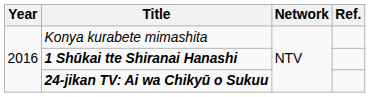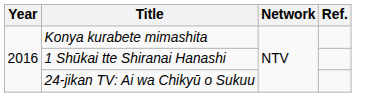 <table class="wikitable">
 <tr>
 <th>Year</th>
 <th>Title</th>
 <th>Network</th>
 <th>Ref.</th>
 </tr>
 <tr>
 <td rowspan="3">2016</td>
 <td><em>Konya kurabete mimashita</em></td>
 <td rowspan="3">NTV</td>
 <td></td>
 </tr>
 <tr>
-<td><strong><em>1 Shūkai tte Shiranai Hanashi</em></strong></td>
+<td><em>1 Shūkai tte Shiranai Hanashi</em></td>
 <td></td>
 </tr>
 <tr>
-<td><strong><em>24-jikan TV: Ai wa Chikyū o Sukuu</em></strong></td>
+<td><em>24-jikan TV: Ai wa Chikyū o Sukuu</em></td>
 <td></td>
 </tr>
 </table>
